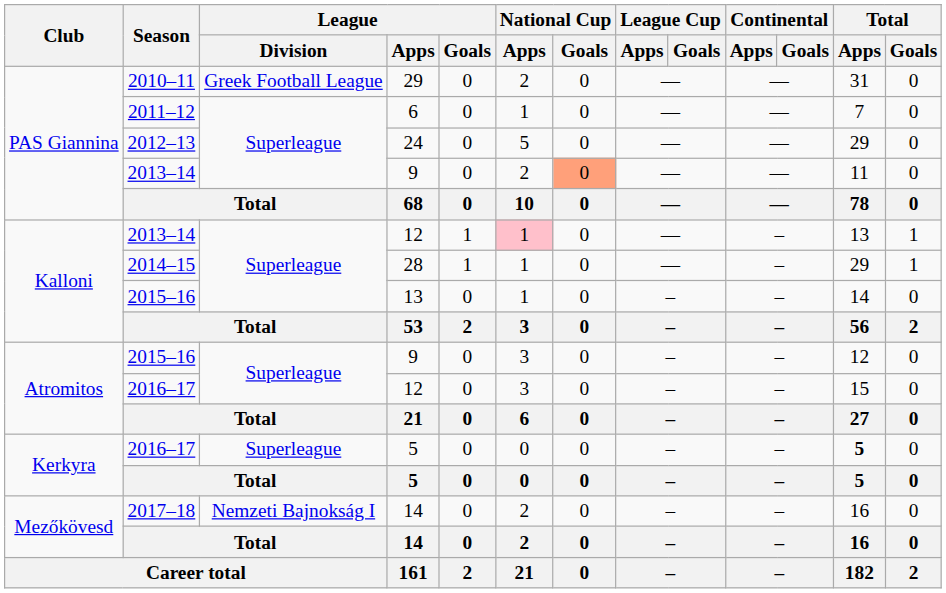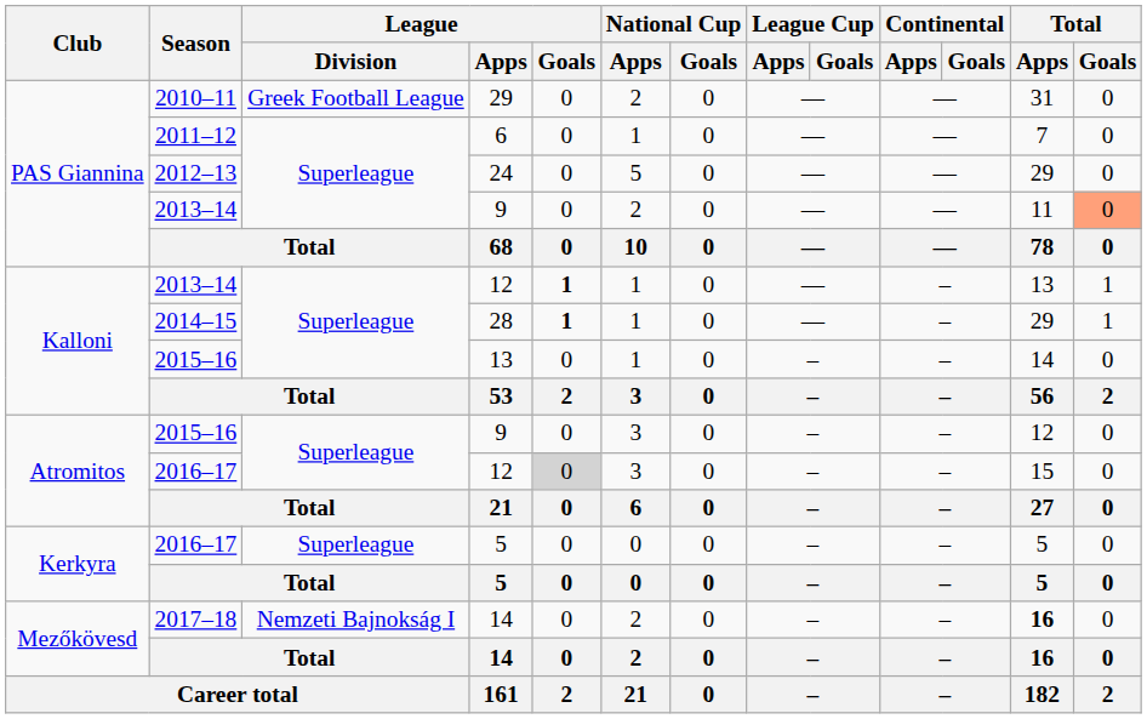 <table class="wikitable" style="text-align: center;">
 <tr>
 <th rowspan="2">Club</th>
 <th rowspan="2">Season</th>
 <th colspan="3">League</th>
 <th colspan="2">National Cup</th>
 <th colspan="2">League Cup</th>
 <th colspan="2">Continental</th>
 <th colspan="2">Total</th>
 </tr>
 <tr>
 <th>Division</th>
 <th>Apps</th>
 <th>Goals</th>
 <th>Apps</th>
 <th>Goals</th>
 <th>Apps</th>
 <th>Goals</th>
 <th>Apps</th>
 <th>Goals</th>
 <th>Apps</th>
 <th>Goals</th>
 </tr>
 <tr>
 <td rowspan="5"><a href='#'>PAS Giannina</a></td>
 <td><a href='#'>2010–11</a></td>
 <td><a href='#'>Greek Football League</a></td>
 <td>29</td>
 <td>0</td>
 <td>2</td>
 <td>0</td>
 <td colspan="2">—</td>
 <td colspan="2">—</td>
 <td>31</td>
 <td>0</td>
 </tr>
 <tr>
 <td><a href='#'>2011–12</a></td>
 <td rowspan=3><a href='#'>Superleague</a></td>
 <td>6</td>
 <td>0</td>
 <td>1</td>
 <td>0</td>
 <td colspan="2">—</td>
 <td colspan="2">—</td>
 <td>7</td>
 <td>0</td>
 </tr>
 <tr>
 <td><a href='#'>2012–13</a></td>
 <td>24</td>
 <td>0</td>
 <td>5</td>
 <td>0</td>
 <td colspan="2">—</td>
 <td colspan="2">—</td>
 <td>29</td>
 <td>0</td>
 </tr>
 <tr>
 <td><a href='#'>2013–14</a></td>
 <td>9</td>
 <td>0</td>
 <td>2</td>
-<td style="background: lightsalmon;">0</td>
+<td>0</td>
 <td colspan="2">—</td>
 <td colspan="2">—</td>
 <td>11</td>
-<td>0</td>
+<td style="background: lightsalmon;">0</td>
 </tr>
 <tr>
 <th colspan="2">Total</th>
 <th>68</th>
 <th>0</th>
 <th>10</th>
 <th>0</th>
 <th colspan="2">—</th>
 <th colspan="2">—</th>
 <th>78</th>
 <th>0</th>
 </tr>
 <tr>
 <td rowspan="4"><a href='#'>Kalloni</a></td>
 <td><a href='#'>2013–14</a></td>
 <td rowspan=3><a href='#'>Superleague</a></td>
 <td>12</td>
+<td><strong>1</strong></td>
 <td>1</td>
-<td style="background: pink;">1</td>
 <td>0</td>
 <td colspan="2">—</td>
 <td colspan="2">–</td>
 <td>13</td>
 <td>1</td>
 </tr>
 <tr>
 <td><a href='#'>2014–15</a></td>
 <td>28</td>
-<td>1</td>
+<td><strong>1</strong></td>
 <td>1</td>
 <td>0</td>
 <td colspan="2">—</td>
 <td colspan="2">–</td>
 <td>29</td>
 <td>1</td>
 </tr>
 <tr>
 <td><a href='#'>2015–16</a></td>
 <td>13</td>
 <td>0</td>
 <td>1</td>
 <td>0</td>
 <td colspan="2">–</td>
 <td colspan="2">–</td>
 <td>14</td>
 <td>0</td>
 </tr>
 <tr>
 <th colspan="2">Total</th>
 <th>53</th>
 <th>2</th>
 <th>3</th>
 <th>0</th>
 <th colspan="2">–</th>
 <th colspan="2">–</th>
 <th>56</th>
 <th>2</th>
 </tr>
 <tr>
 <td rowspan="3"><a href='#'>Atromitos</a></td>
 <td><a href='#'>2015–16</a></td>
 <td rowspan=2><a href='#'>Superleague</a></td>
 <td>9</td>
 <td>0</td>
 <td>3</td>
 <td>0</td>
 <td colspan="2">–</td>
 <td colspan="2">–</td>
 <td>12</td>
 <td>0</td>
 </tr>
 <tr>
 <td><a href='#'>2016–17</a></td>
 <td>12</td>
-<td>0</td>
+<td style="background: lightgrey;">0</td>
 <td>3</td>
 <td>0</td>
 <td colspan="2">–</td>
 <td colspan="2">–</td>
 <td>15</td>
 <td>0</td>
 </tr>
 <tr>
 <th colspan="2">Total</th>
 <th>21</th>
 <th>0</th>
 <th>6</th>
 <th>0</th>
 <th colspan="2">–</th>
 <th colspan="2">–</th>
 <th>27</th>
 <th>0</th>
 </tr>
 <tr>
 <td rowspan="2"><a href='#'>Kerkyra</a></td>
 <td><a href='#'>2016–17</a></td>
 <td><a href='#'>Superleague</a></td>
 <td>5</td>
 <td>0</td>
 <td>0</td>
 <td>0</td>
 <td colspan="2">–</td>
 <td colspan="2">–</td>
-<td><strong>5</strong></td>
+<td>5</td>
 <td>0</td>
 </tr>
 <tr>
 <th colspan="2">Total</th>
 <th>5</th>
 <th>0</th>
 <th>0</th>
 <th>0</th>
 <th colspan="2">–</th>
 <th colspan="2">–</th>
 <th>5</th>
 <th>0</th>
 </tr>
 <tr>
 <td rowspan="2"><a href='#'>Mezőkövesd</a></td>
 <td><a href='#'>2017–18</a></td>
 <td><a href='#'>Nemzeti Bajnokság I</a></td>
 <td>14</td>
 <td>0</td>
 <td>2</td>
 <td>0</td>
 <td colspan="2">–</td>
 <td colspan="2">–</td>
-<td>16</td>
+<td><strong>16</strong></td>
 <td>0</td>
 </tr>
 <tr>
 <th colspan="2">Total</th>
 <th>14</th>
 <th>0</th>
 <th>2</th>
 <th>0</th>
 <th colspan="2">–</th>
 <th colspan="2">–</th>
 <th>16</th>
 <th>0</th>
 </tr>
 <tr>
 <th colspan="3">Career total</th>
 <th>161</th>
 <th>2</th>
 <th>21</th>
 <th>0</th>
 <th colspan="2">–</th>
 <th colspan="2">–</th>
 <th>182</th>
 <th>2</th>
 </tr>
 </table>
